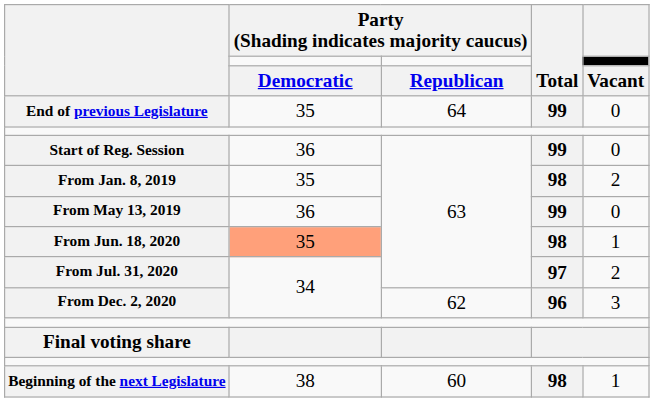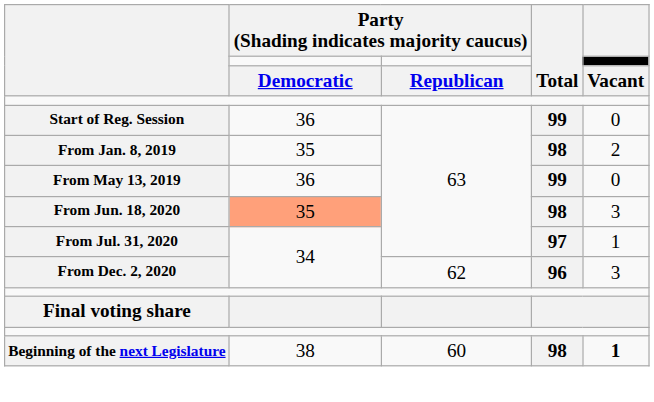 <table class=wikitable style="text-align:center">
 <tr style="vertical-align:bottom;">
 <th rowspan=3></th>
 <th colspan=2>Party <div>(Shading indicates majority caucus)</div></th>
 <th rowspan=3>Total</th>
 <th></th>
 </tr>
 <tr style="height:5px">
 <td style="background-color:"></td>
 <td style="background-color:"></td>
 <td style="background-color:black"></td>
 </tr>
 <tr>
 <th><a href='#'>Democratic</a></th>
 <th><a href='#'>Republican</a></th>
 <th>Vacant</th>
-</tr>
-<tr>
-<th nowrap style="font-size:80%">End of <a href='#'>previous Legislature</a></th>
-<td>35</td>
-<td>64</td>
-<th>99</th>
-<td>0</td>
 </tr>
 <tr>
 <td colspan=5></td>
 </tr>
 <tr>
 <th nowrap style="font-size:80%">Start of Reg. Session</th>
 <td>36</td>
 <td rowspan="5" >63</td>
 <th>99</th>
 <td>0</td>
 </tr>
 <tr>
 <th nowrap style="font-size:80%">From Jan. 8, 2019</th>
 <td>35</td>
 <th>98</th>
 <td>2</td>
 </tr>
 <tr>
 <th nowrap style="font-size:80%">From May 13, 2019</th>
 <td>36</td>
 <th>99</th>
 <td>0</td>
 </tr>
 <tr>
 <th nowrap style="font-size:80%">From Jun. 18, 2020</th>
 <td style="background: lightsalmon;">35</td>
 <th>98</th>
-<td>1</td>
+<td>3</td>
 </tr>
 <tr>
 <th nowrap style="font-size:80%">From Jul. 31, 2020</th>
 <td rowspan="2">34</td>
 <th>97</th>
-<td>2</td>
+<td>1</td>
 </tr>
 <tr>
 <th nowrap style="font-size:80%">From Dec. 2, 2020</th>
 <td>62</td>
 <th>96</th>
 <td>3</td>
 </tr>
 <tr>
 <td colspan=5></td>
 </tr>
 <tr>
 <th>Final voting share</th>
 <th></th>
 <th></th>
 <th colspan=2></th>
 </tr>
 <tr>
 <td colspan=5></td>
 </tr>
 <tr>
 <th style="white-space:nowrap; font-size:80%;">Beginning of the <a href='#'>next Legislature</a></th>
 <td>38</td>
 <td>60</td>
 <th>98</th>
-<td>1</td>
+<td><strong>1</strong></td>
 </tr>
 </table>
